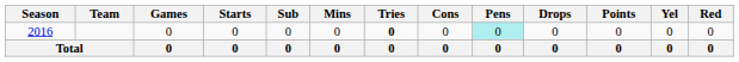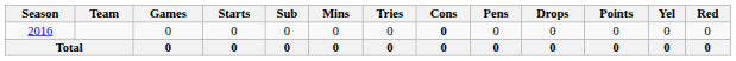 <table class="wikitable" style="text-align:center; line-height:90%; font-size:95%; width:70%;">
 <tr>
 <th>Season</th>
 <th>Team</th>
 <th>Games</th>
 <th>Starts</th>
 <th>Sub</th>
 <th>Mins</th>
 <th>Tries</th>
 <th>Cons</th>
 <th>Pens</th>
 <th>Drops</th>
 <th>Points</th>
 <th>Yel</th>
 <th>Red</th>
 </tr>
 <tr>
 <td><a href='#'>2016</a></td>
 <td></td>
 <td>0</td>
 <td>0</td>
 <td>0</td>
 <td>0</td>
+<td>0</td>
 <td><strong>0</strong></td>
 <td>0</td>
-<td style="background: paleturquoise;">0</td>
 <td>0</td>
 <td>0</td>
 <td>0</td>
 <td>0</td>
 </tr>
 <tr>
 <th colspan="2">Total</th>
 <th>0</th>
 <th>0</th>
 <th>0</th>
 <th>0</th>
 <th>0</th>
 <th>0</th>
 <th>0</th>
 <th>0</th>
 <th>0</th>
 <th>0</th>
 <th>0</th>
 </tr>
 </table>
